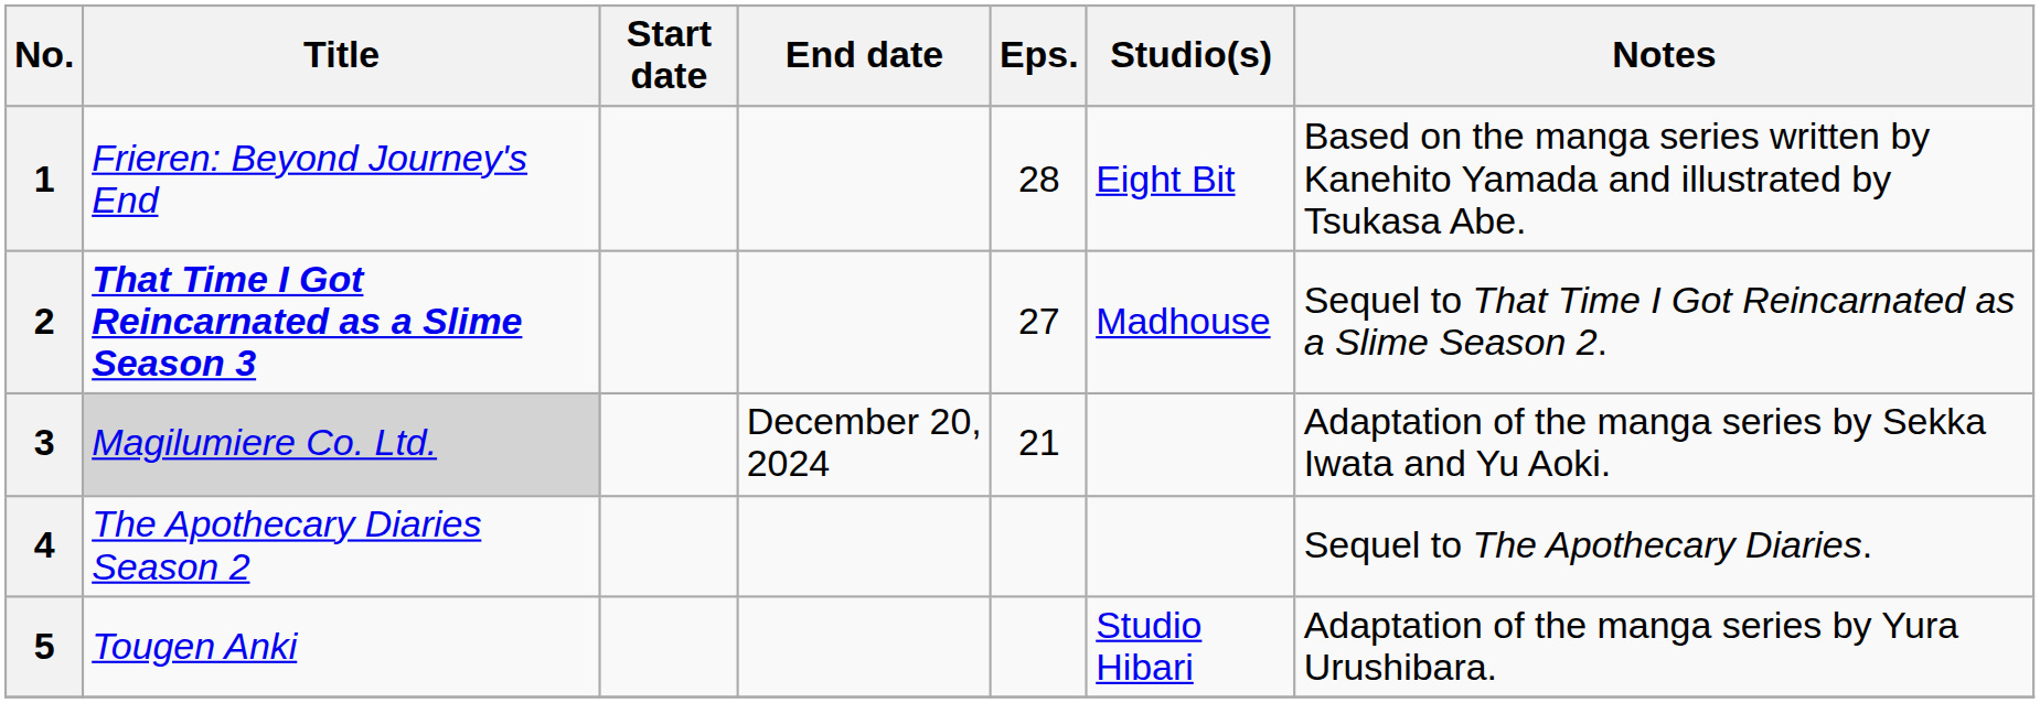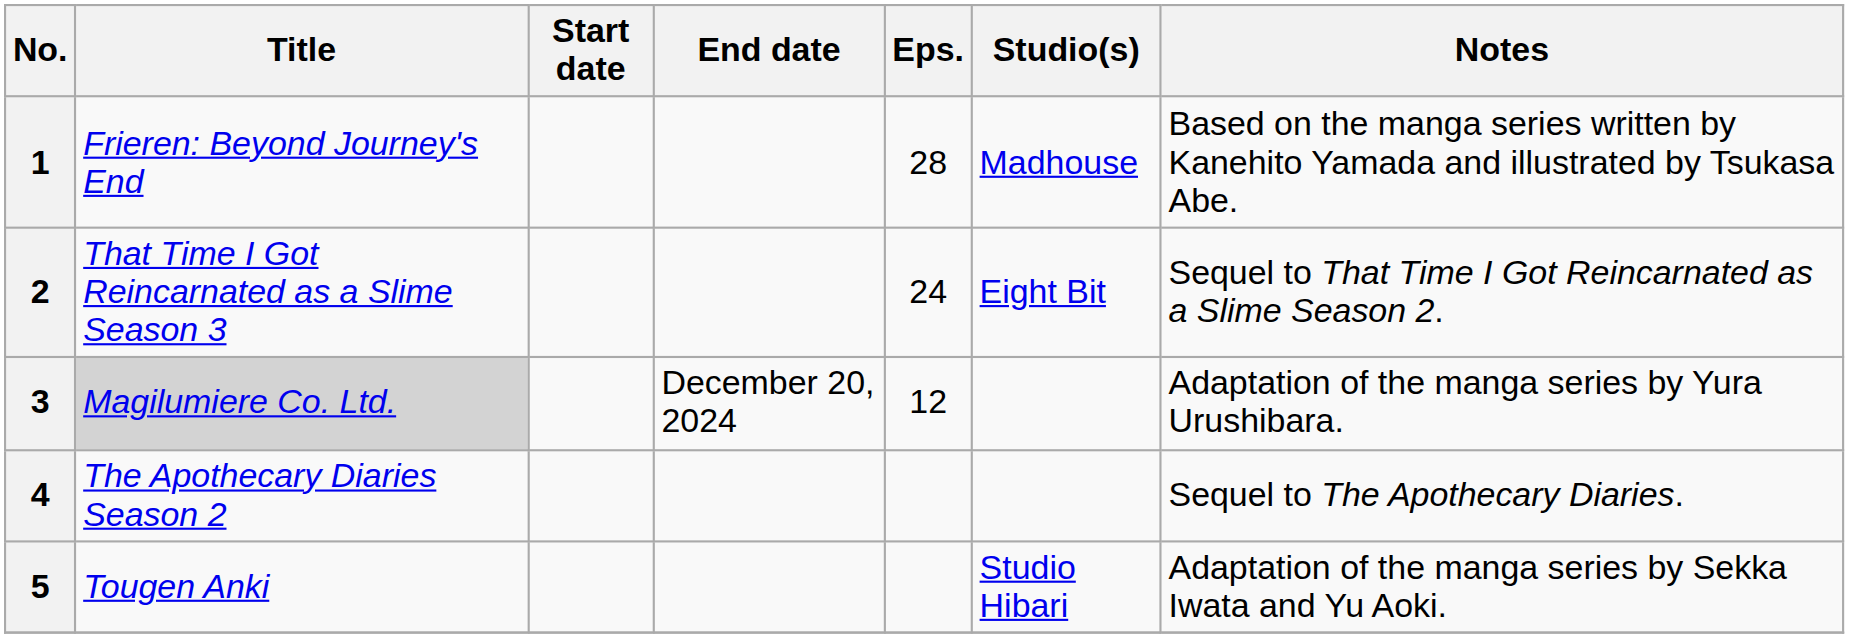 <table class="wikitable">
 <tr>
 <th>No.</th>
 <th>Title</th>
 <th>Start date</th>
 <th>End date</th>
 <th>Eps.</th>
 <th>Studio(s)</th>
 <th>Notes</th>
 </tr>
 <tr>
 <th>1</th>
 <td><em><a href='#'>Frieren: Beyond Journey's End</a></em></td>
 <td></td>
 <td></td>
 <td style="text-align:center;">28</td>
-<td><a href='#'>Eight Bit</a></td>
+<td><a href='#'>Madhouse</a></td>
 <td style="text-align:left;">Based on the manga series written by Kanehito Yamada and illustrated by Tsukasa Abe.</td>
 </tr>
 <tr>
 <th>2</th>
-<td><strong><em><a href='#'>That Time I Got Reincarnated as a Slime Season 3</a></em></strong></td>
+<td><em><a href='#'>That Time I Got Reincarnated as a Slime Season 3</a></em></td>
 <td></td>
 <td></td>
-<td style="text-align:center;">27</td>
-<td><a href='#'>Madhouse</a></td>
+<td style="text-align:center;">24</td>
+<td><a href='#'>Eight Bit</a></td>
 <td style="text-align:left;">Sequel to <em>That Time I Got Reincarnated as a Slime Season 2</em>.</td>
 </tr>
 <tr>
 <th>3</th>
 <td style="background: lightgrey;"><em><a href='#'>Magilumiere Co. Ltd.</a></em></td>
 <td></td>
 <td>December 20, 2024</td>
-<td style="text-align:center;">21</td>
+<td style="text-align:center;">12</td>
 <td></td>
-<td style="text-align:left;">Adaptation of the manga series by Sekka Iwata and Yu Aoki.</td>
+<td style="text-align:left;">Adaptation of the manga series by Yura Urushibara.</td>
 </tr>
 <tr>
 <th>4</th>
 <td><em><a href='#'>The Apothecary Diaries Season 2</a></em></td>
 <td></td>
 <td></td>
 <td style="text-align:center;"></td>
 <td style="text-align:left;"></td>
 <td>Sequel to <em>The Apothecary Diaries</em>.</td>
 </tr>
 <tr>
 <th>5</th>
 <td><em><a href='#'>Tougen Anki</a></em></td>
 <td></td>
 <td></td>
 <td style="text-align:center;"></td>
 <td><a href='#'>Studio Hibari</a></td>
-<td style="text-align:left;">Adaptation of the manga series by Yura Urushibara.</td>
+<td style="text-align:left;">Adaptation of the manga series by Sekka Iwata and Yu Aoki.</td>
 </tr>
 <tr>
 </tr>
 </table>
